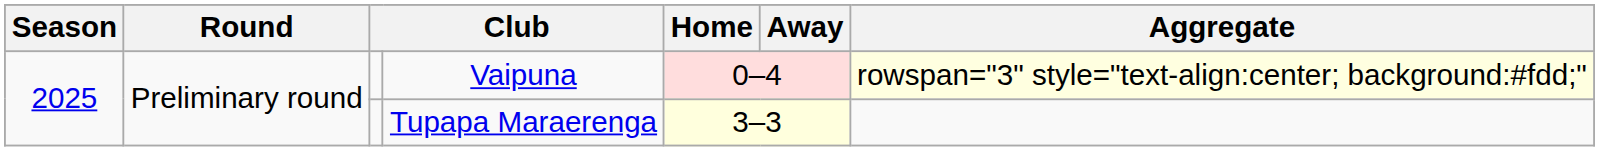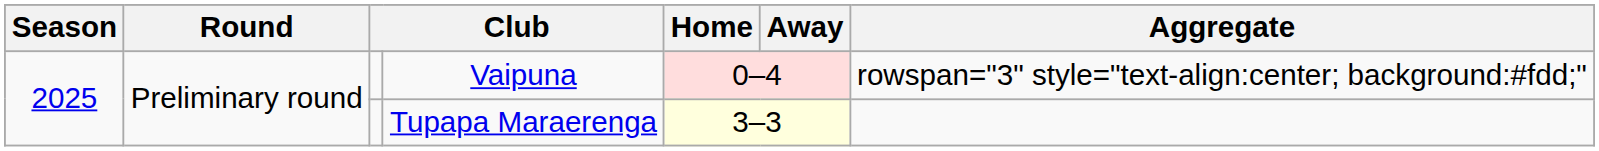 <table class="wikitable" style="text-align:center;">
 <tr>
 <th>Season</th>
 <th>Round</th>
 <th colspan=2>Club</th>
 <th>Home</th>
 <th>Away</th>
 <th>Aggregate</th>
 </tr>
 <tr>
 <td rowspan="2;"><a href='#'>2025</a></td>
 <td rowspan="2">Preliminary round</td>
 <td></td>
 <td><a href='#'>Vaipuna</a></td>
 <td colspan="2;" style="text-align:center; background:#fdd;">0–4</td>
-<td style="background: lightyellow;">rowspan="3" style="text-align:center; background:#fdd;" </td>
+<td>rowspan="3" style="text-align:center; background:#fdd;" </td>
 </tr>
 <tr>
 <td></td>
 <td><a href='#'>Tupapa Maraerenga</a></td>
 <td colspan="2;" style="text-align:center; background:#ffd;">3–3</td>
 </tr>
 </table>
